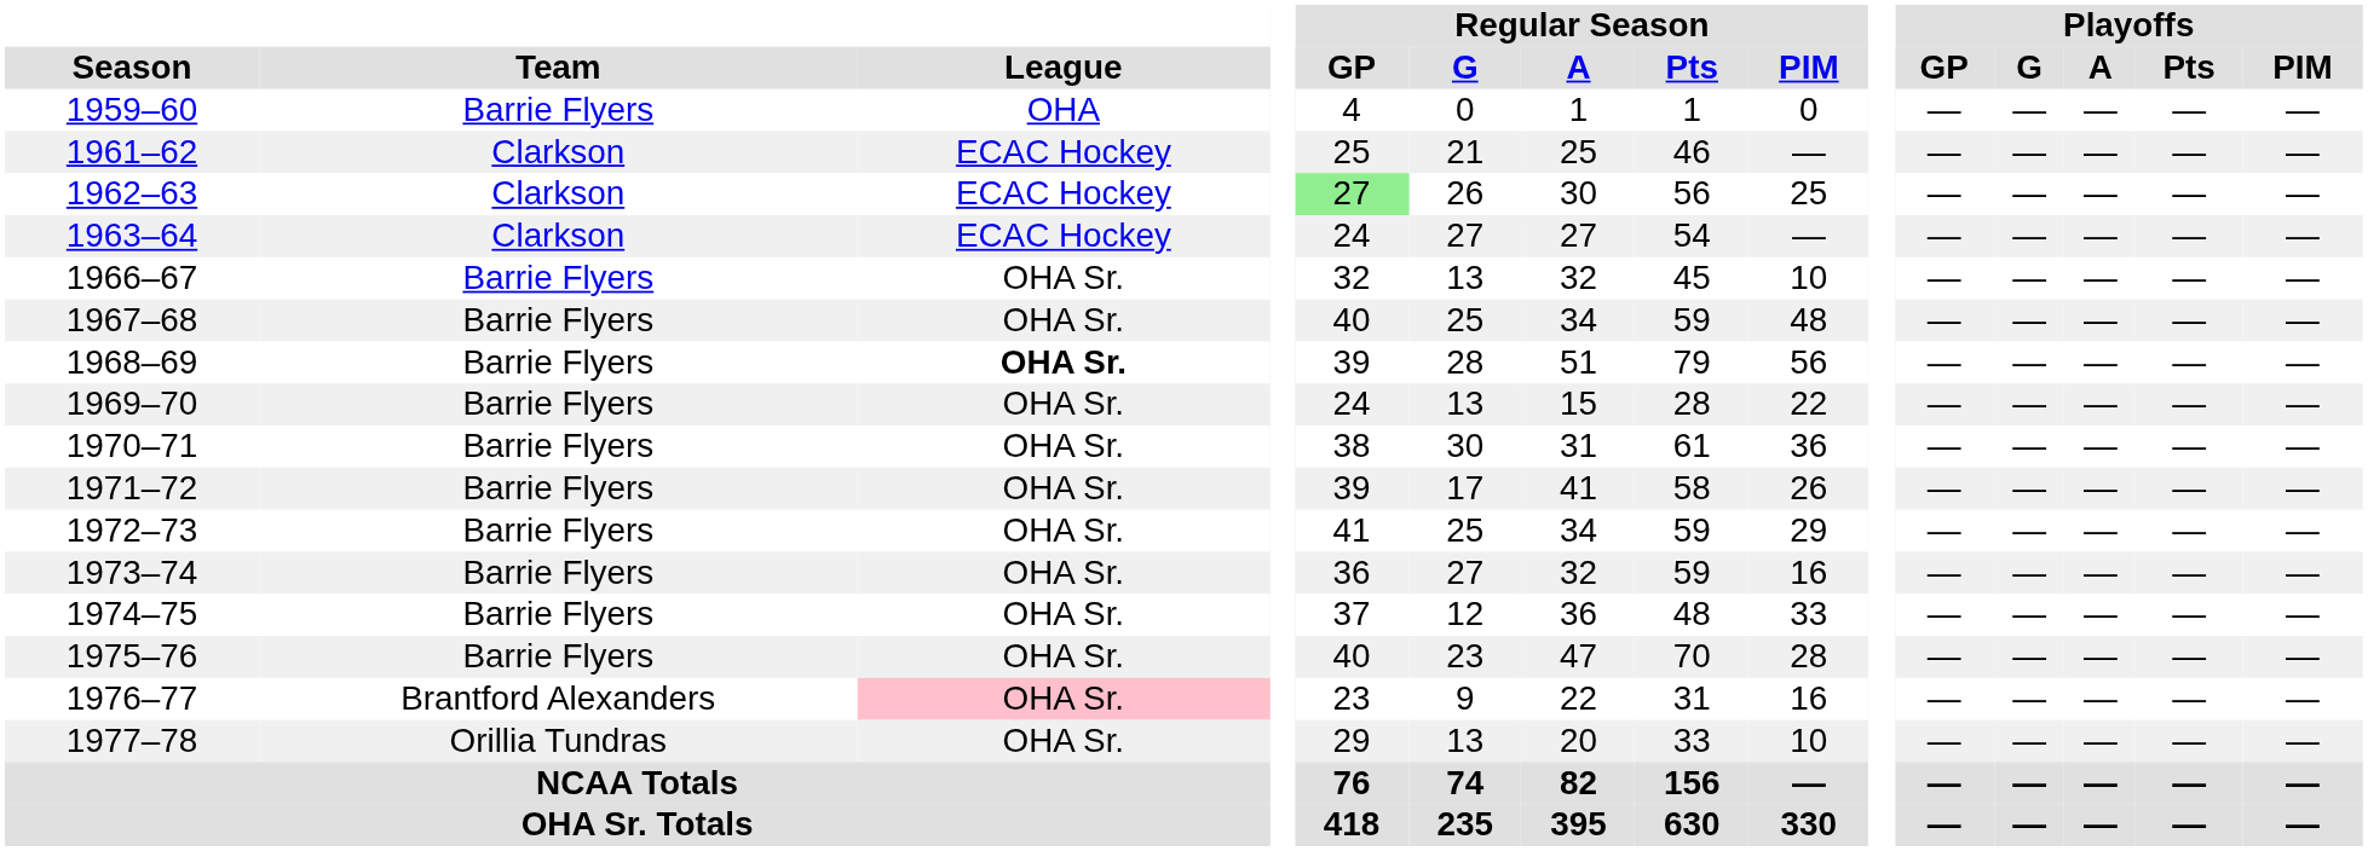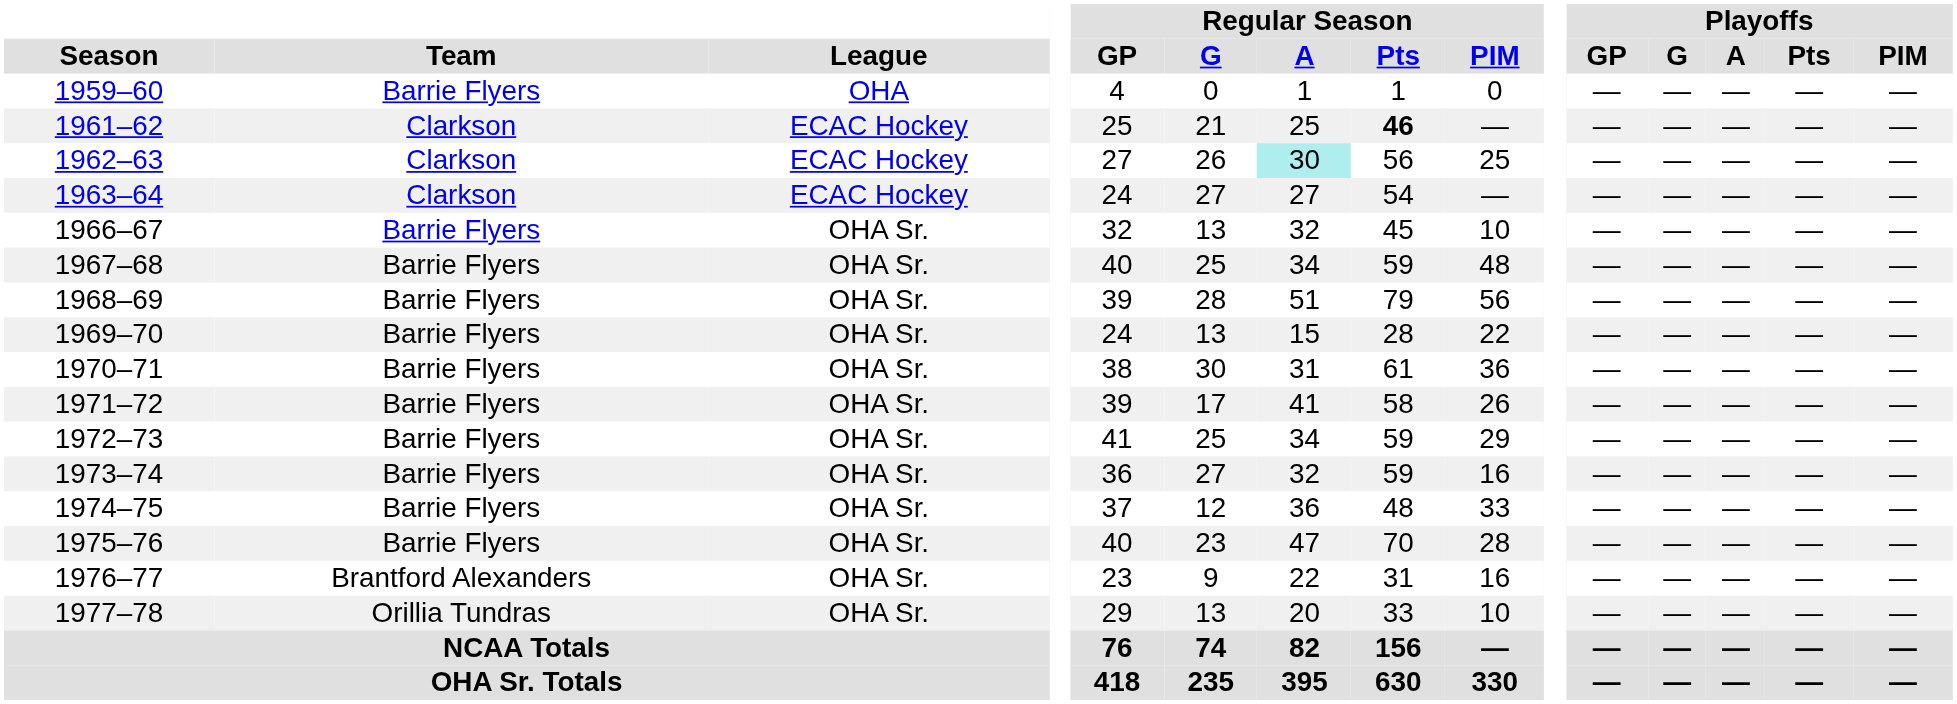 <table border="0" cellpadding="1" cellspacing="0" style="text-align:center; width:70em">
 <tr bgcolor="#e0e0e0">
 <th colspan="3"  bgcolor="#ffffff"> </th>
 <th rowspan="99" bgcolor="#ffffff"> </th>
 <th colspan="5">Regular Season</th>
 <th rowspan="99" bgcolor="#ffffff"> </th>
 <th colspan="5">Playoffs</th>
 </tr>
 <tr bgcolor="#e0e0e0">
 <th>Season</th>
 <th>Team</th>
 <th>League</th>
 <th>GP</th>
 <th><a href='#'>G</a></th>
 <th><a href='#'>A</a></th>
 <th><a href='#'>Pts</a></th>
 <th><a href='#'>PIM</a></th>
 <th>GP</th>
 <th>G</th>
 <th>A</th>
 <th>Pts</th>
 <th>PIM</th>
 </tr>
 <tr>
 <td><a href='#'>1959–60</a></td>
 <td><a href='#'>Barrie Flyers</a></td>
 <td><a href='#'>OHA</a></td>
 <td>4</td>
 <td>0</td>
 <td>1</td>
 <td>1</td>
 <td>0</td>
 <td>—</td>
 <td>—</td>
 <td>—</td>
 <td>—</td>
 <td>—</td>
 </tr>
 <tr bgcolor=f0f0f0>
 <td><a href='#'>1961–62</a></td>
 <td><a href='#'>Clarkson</a></td>
 <td><a href='#'>ECAC Hockey</a></td>
 <td>25</td>
 <td>21</td>
 <td>25</td>
-<td>46</td>
+<td><strong>46</strong></td>
 <td>—</td>
 <td>—</td>
 <td>—</td>
 <td>—</td>
 <td>—</td>
 <td>—</td>
 </tr>
 <tr>
 <td><a href='#'>1962–63</a></td>
 <td><a href='#'>Clarkson</a></td>
 <td><a href='#'>ECAC Hockey</a></td>
-<td style="background: lightgreen;">27</td>
+<td>27</td>
 <td>26</td>
-<td>30</td>
+<td style="background: paleturquoise;">30</td>
 <td>56</td>
 <td>25</td>
 <td>—</td>
 <td>—</td>
 <td>—</td>
 <td>—</td>
 <td>—</td>
 </tr>
 <tr bgcolor=f0f0f0>
 <td><a href='#'>1963–64</a></td>
 <td><a href='#'>Clarkson</a></td>
 <td><a href='#'>ECAC Hockey</a></td>
 <td>24</td>
 <td>27</td>
 <td>27</td>
 <td>54</td>
 <td>—</td>
 <td>—</td>
 <td>—</td>
 <td>—</td>
 <td>—</td>
 <td>—</td>
 </tr>
 <tr>
 <td>1966–67</td>
 <td><a href='#'>Barrie Flyers</a></td>
 <td>OHA Sr.</td>
 <td>32</td>
 <td>13</td>
 <td>32</td>
 <td>45</td>
 <td>10</td>
 <td>—</td>
 <td>—</td>
 <td>—</td>
 <td>—</td>
 <td>—</td>
 </tr>
 <tr bgcolor=f0f0f0>
 <td>1967–68</td>
 <td>Barrie Flyers</td>
 <td>OHA Sr.</td>
 <td>40</td>
 <td>25</td>
 <td>34</td>
 <td>59</td>
 <td>48</td>
 <td>—</td>
 <td>—</td>
 <td>—</td>
 <td>—</td>
 <td>—</td>
 </tr>
 <tr>
 <td>1968–69</td>
 <td>Barrie Flyers</td>
-<td><strong>OHA Sr.</strong></td>
+<td>OHA Sr.</td>
 <td>39</td>
 <td>28</td>
 <td>51</td>
 <td>79</td>
 <td>56</td>
 <td>—</td>
 <td>—</td>
 <td>—</td>
 <td>—</td>
 <td>—</td>
 </tr>
 <tr bgcolor=f0f0f0>
 <td>1969–70</td>
 <td>Barrie Flyers</td>
 <td>OHA Sr.</td>
 <td>24</td>
 <td>13</td>
 <td>15</td>
 <td>28</td>
 <td>22</td>
 <td>—</td>
 <td>—</td>
 <td>—</td>
 <td>—</td>
 <td>—</td>
 </tr>
 <tr>
 <td>1970–71</td>
 <td>Barrie Flyers</td>
 <td>OHA Sr.</td>
 <td>38</td>
 <td>30</td>
 <td>31</td>
 <td>61</td>
 <td>36</td>
 <td>—</td>
 <td>—</td>
 <td>—</td>
 <td>—</td>
 <td>—</td>
 </tr>
 <tr bgcolor=f0f0f0>
 <td>1971–72</td>
 <td>Barrie Flyers</td>
 <td>OHA Sr.</td>
 <td>39</td>
 <td>17</td>
 <td>41</td>
 <td>58</td>
 <td>26</td>
 <td>—</td>
 <td>—</td>
 <td>—</td>
 <td>—</td>
 <td>—</td>
 </tr>
 <tr>
 <td>1972–73</td>
 <td>Barrie Flyers</td>
 <td>OHA Sr.</td>
 <td>41</td>
 <td>25</td>
 <td>34</td>
 <td>59</td>
 <td>29</td>
 <td>—</td>
 <td>—</td>
 <td>—</td>
 <td>—</td>
 <td>—</td>
 </tr>
 <tr bgcolor=f0f0f0>
 <td>1973–74</td>
 <td>Barrie Flyers</td>
 <td>OHA Sr.</td>
 <td>36</td>
 <td>27</td>
 <td>32</td>
 <td>59</td>
 <td>16</td>
 <td>—</td>
 <td>—</td>
 <td>—</td>
 <td>—</td>
 <td>—</td>
 </tr>
 <tr>
 <td>1974–75</td>
 <td>Barrie Flyers</td>
 <td>OHA Sr.</td>
 <td>37</td>
 <td>12</td>
 <td>36</td>
 <td>48</td>
 <td>33</td>
 <td>—</td>
 <td>—</td>
 <td>—</td>
 <td>—</td>
 <td>—</td>
 </tr>
 <tr bgcolor=f0f0f0>
 <td>1975–76</td>
 <td>Barrie Flyers</td>
 <td>OHA Sr.</td>
 <td>40</td>
 <td>23</td>
 <td>47</td>
 <td>70</td>
 <td>28</td>
 <td>—</td>
 <td>—</td>
 <td>—</td>
 <td>—</td>
 <td>—</td>
 </tr>
 <tr>
 <td>1976–77</td>
 <td>Brantford Alexanders</td>
-<td style="background: pink;">OHA Sr.</td>
+<td>OHA Sr.</td>
 <td>23</td>
 <td>9</td>
 <td>22</td>
 <td>31</td>
 <td>16</td>
 <td>—</td>
 <td>—</td>
 <td>—</td>
 <td>—</td>
 <td>—</td>
 </tr>
 <tr bgcolor=f0f0f0>
 <td>1977–78</td>
 <td>Orillia Tundras</td>
 <td>OHA Sr.</td>
 <td>29</td>
 <td>13</td>
 <td>20</td>
 <td>33</td>
 <td>10</td>
 <td>—</td>
 <td>—</td>
 <td>—</td>
 <td>—</td>
 <td>—</td>
 </tr>
 <tr bgcolor="#e0e0e0">
 <th colspan="3">NCAA Totals</th>
 <th>76</th>
 <th>74</th>
 <th>82</th>
 <th>156</th>
 <th>—</th>
 <th>—</th>
 <th>—</th>
 <th>—</th>
 <th>—</th>
 <th>—</th>
 </tr>
 <tr bgcolor="#e0e0e0">
 <th colspan="3">OHA Sr. Totals</th>
 <th>418</th>
 <th>235</th>
 <th>395</th>
 <th>630</th>
 <th>330</th>
 <th>—</th>
 <th>—</th>
 <th>—</th>
 <th>—</th>
 <th>—</th>
 </tr>
 </table>
